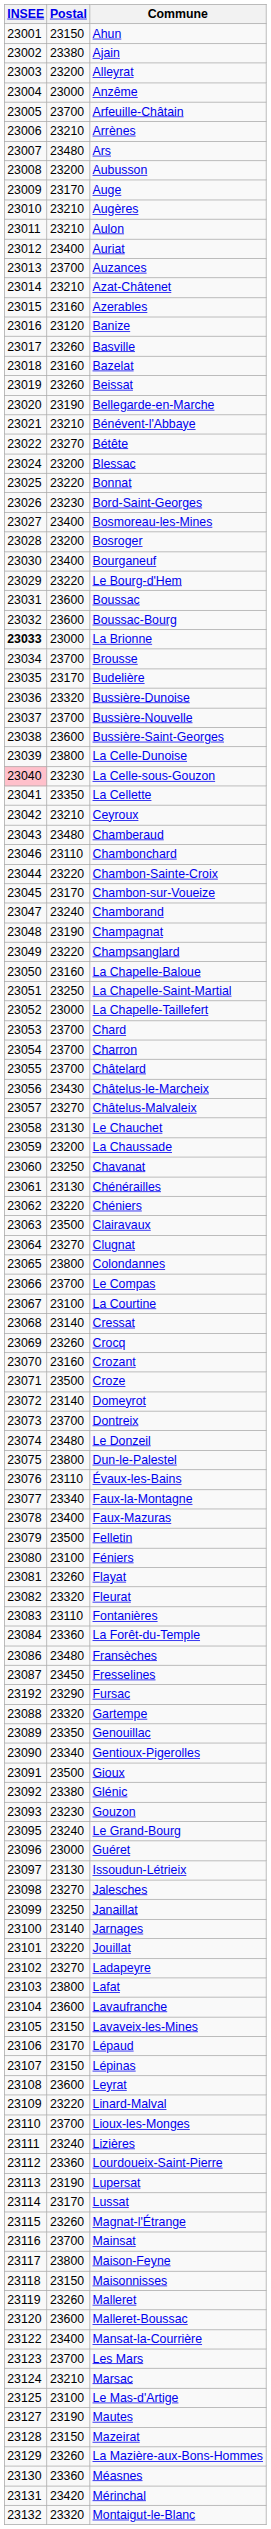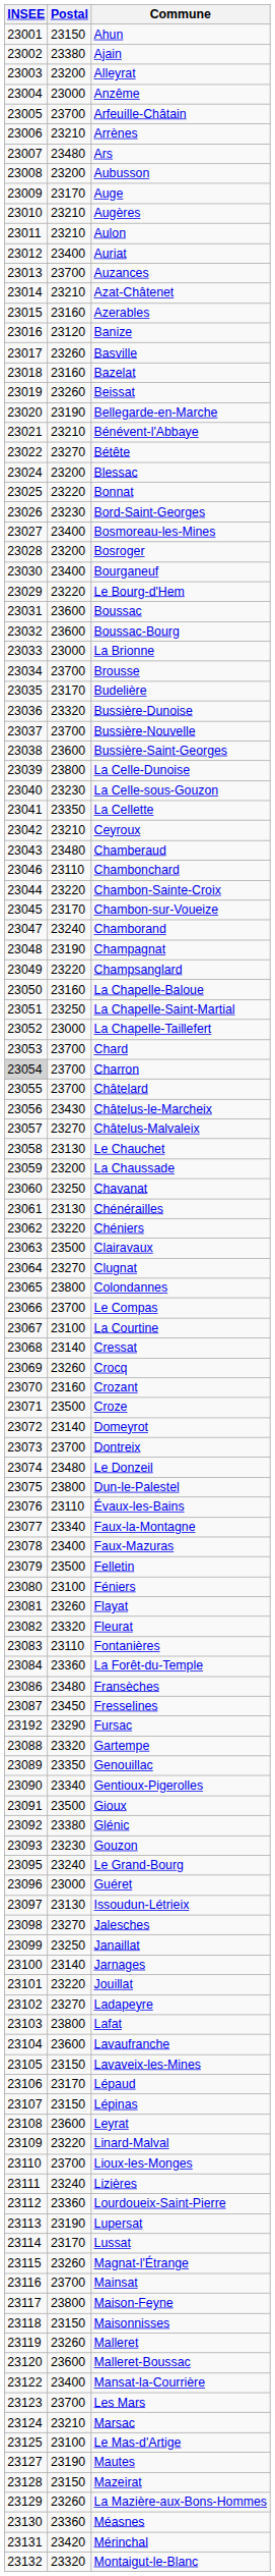 <table class="wikitable sortable">
 <tr>
 <th><a href='#'>INSEE</a></th>
 <th><a href='#'>Postal</a></th>
 <th>Commune</th>
 </tr>
 <tr>
 <td>23001</td>
 <td>23150</td>
 <td><a href='#'>Ahun</a></td>
 </tr>
 <tr>
 <td>23002</td>
 <td>23380</td>
 <td><a href='#'>Ajain</a></td>
 </tr>
 <tr>
 <td>23003</td>
 <td>23200</td>
 <td><a href='#'>Alleyrat</a></td>
 </tr>
 <tr>
 <td>23004</td>
 <td>23000</td>
 <td><a href='#'>Anzême</a></td>
 </tr>
 <tr>
 <td>23005</td>
 <td>23700</td>
 <td><a href='#'>Arfeuille-Châtain</a></td>
 </tr>
 <tr>
 <td>23006</td>
 <td>23210</td>
 <td><a href='#'>Arrènes</a></td>
 </tr>
 <tr>
 <td>23007</td>
 <td>23480</td>
 <td><a href='#'>Ars</a></td>
 </tr>
 <tr>
 <td>23008</td>
 <td>23200</td>
 <td><a href='#'>Aubusson</a></td>
 </tr>
 <tr>
 <td>23009</td>
 <td>23170</td>
 <td><a href='#'>Auge</a></td>
 </tr>
 <tr>
 <td>23010</td>
 <td>23210</td>
 <td><a href='#'>Augères</a></td>
 </tr>
 <tr>
 <td>23011</td>
 <td>23210</td>
 <td><a href='#'>Aulon</a></td>
 </tr>
 <tr>
 <td>23012</td>
 <td>23400</td>
 <td><a href='#'>Auriat</a></td>
 </tr>
 <tr>
 <td>23013</td>
 <td>23700</td>
 <td><a href='#'>Auzances</a></td>
 </tr>
 <tr>
 <td>23014</td>
 <td>23210</td>
 <td><a href='#'>Azat-Châtenet</a></td>
 </tr>
 <tr>
 <td>23015</td>
 <td>23160</td>
 <td><a href='#'>Azerables</a></td>
 </tr>
 <tr>
 <td>23016</td>
 <td>23120</td>
 <td><a href='#'>Banize</a></td>
 </tr>
 <tr>
 <td>23017</td>
 <td>23260</td>
 <td><a href='#'>Basville</a></td>
 </tr>
 <tr>
 <td>23018</td>
 <td>23160</td>
 <td><a href='#'>Bazelat</a></td>
 </tr>
 <tr>
 <td>23019</td>
 <td>23260</td>
 <td><a href='#'>Beissat</a></td>
 </tr>
 <tr>
 <td>23020</td>
 <td>23190</td>
 <td><a href='#'>Bellegarde-en-Marche</a></td>
 </tr>
 <tr>
 <td>23021</td>
 <td>23210</td>
 <td><a href='#'>Bénévent-l'Abbaye</a></td>
 </tr>
 <tr>
 <td>23022</td>
 <td>23270</td>
 <td><a href='#'>Bétête</a></td>
 </tr>
 <tr>
 <td>23024</td>
 <td>23200</td>
 <td><a href='#'>Blessac</a></td>
 </tr>
 <tr>
 <td>23025</td>
 <td>23220</td>
 <td><a href='#'>Bonnat</a></td>
 </tr>
 <tr>
 <td>23026</td>
 <td>23230</td>
 <td><a href='#'>Bord-Saint-Georges</a></td>
 </tr>
 <tr>
 <td>23027</td>
 <td>23400</td>
 <td><a href='#'>Bosmoreau-les-Mines</a></td>
 </tr>
 <tr>
 <td>23028</td>
 <td>23200</td>
 <td><a href='#'>Bosroger</a></td>
 </tr>
 <tr>
 <td>23030</td>
 <td>23400</td>
 <td><a href='#'>Bourganeuf</a></td>
 </tr>
 <tr>
 <td>23029</td>
 <td>23220</td>
 <td><a href='#'>Le Bourg-d'Hem</a></td>
 </tr>
 <tr>
 <td>23031</td>
 <td>23600</td>
 <td><a href='#'>Boussac</a></td>
 </tr>
 <tr>
 <td>23032</td>
 <td>23600</td>
 <td><a href='#'>Boussac-Bourg</a></td>
 </tr>
 <tr>
-<td><strong>23033</strong></td>
+<td>23033</td>
 <td>23000</td>
 <td><a href='#'>La Brionne</a></td>
 </tr>
 <tr>
 <td>23034</td>
 <td>23700</td>
 <td><a href='#'>Brousse</a></td>
 </tr>
 <tr>
 <td>23035</td>
 <td>23170</td>
 <td><a href='#'>Budelière</a></td>
 </tr>
 <tr>
 <td>23036</td>
 <td>23320</td>
 <td><a href='#'>Bussière-Dunoise</a></td>
 </tr>
 <tr>
 <td>23037</td>
 <td>23700</td>
 <td><a href='#'>Bussière-Nouvelle</a></td>
 </tr>
 <tr>
 <td>23038</td>
 <td>23600</td>
 <td><a href='#'>Bussière-Saint-Georges</a></td>
 </tr>
 <tr>
 <td>23039</td>
 <td>23800</td>
 <td><a href='#'>La Celle-Dunoise</a></td>
 </tr>
 <tr>
-<td style="background: pink;">23040</td>
+<td>23040</td>
 <td>23230</td>
 <td><a href='#'>La Celle-sous-Gouzon</a></td>
 </tr>
 <tr>
 <td>23041</td>
 <td>23350</td>
 <td><a href='#'>La Cellette</a></td>
 </tr>
 <tr>
 <td>23042</td>
 <td>23210</td>
 <td><a href='#'>Ceyroux</a></td>
 </tr>
 <tr>
 <td>23043</td>
 <td>23480</td>
 <td><a href='#'>Chamberaud</a></td>
 </tr>
 <tr>
 <td>23046</td>
 <td>23110</td>
 <td><a href='#'>Chambonchard</a></td>
 </tr>
 <tr>
 <td>23044</td>
 <td>23220</td>
 <td><a href='#'>Chambon-Sainte-Croix</a></td>
 </tr>
 <tr>
 <td>23045</td>
 <td>23170</td>
 <td><a href='#'>Chambon-sur-Voueize</a></td>
 </tr>
 <tr>
 <td>23047</td>
 <td>23240</td>
 <td><a href='#'>Chamborand</a></td>
 </tr>
 <tr>
 <td>23048</td>
 <td>23190</td>
 <td><a href='#'>Champagnat</a></td>
 </tr>
 <tr>
 <td>23049</td>
 <td>23220</td>
 <td><a href='#'>Champsanglard</a></td>
 </tr>
 <tr>
 <td>23050</td>
 <td>23160</td>
 <td><a href='#'>La Chapelle-Baloue</a></td>
 </tr>
 <tr>
 <td>23051</td>
 <td>23250</td>
 <td><a href='#'>La Chapelle-Saint-Martial</a></td>
 </tr>
 <tr>
 <td>23052</td>
 <td>23000</td>
 <td><a href='#'>La Chapelle-Taillefert</a></td>
 </tr>
 <tr>
 <td>23053</td>
 <td>23700</td>
 <td><a href='#'>Chard</a></td>
 </tr>
 <tr>
-<td>23054</td>
+<td style="background: lightgrey;">23054</td>
 <td>23700</td>
 <td><a href='#'>Charron</a></td>
 </tr>
 <tr>
 <td>23055</td>
 <td>23700</td>
 <td><a href='#'>Châtelard</a></td>
 </tr>
 <tr>
 <td>23056</td>
 <td>23430</td>
 <td><a href='#'>Châtelus-le-Marcheix</a></td>
 </tr>
 <tr>
 <td>23057</td>
 <td>23270</td>
 <td><a href='#'>Châtelus-Malvaleix</a></td>
 </tr>
 <tr>
 <td>23058</td>
 <td>23130</td>
 <td><a href='#'>Le Chauchet</a></td>
 </tr>
 <tr>
 <td>23059</td>
 <td>23200</td>
 <td><a href='#'>La Chaussade</a></td>
 </tr>
 <tr>
 <td>23060</td>
 <td>23250</td>
 <td><a href='#'>Chavanat</a></td>
 </tr>
 <tr>
 <td>23061</td>
 <td>23130</td>
 <td><a href='#'>Chénérailles</a></td>
 </tr>
 <tr>
 <td>23062</td>
 <td>23220</td>
 <td><a href='#'>Chéniers</a></td>
 </tr>
 <tr>
 <td>23063</td>
 <td>23500</td>
 <td><a href='#'>Clairavaux</a></td>
 </tr>
 <tr>
 <td>23064</td>
 <td>23270</td>
 <td><a href='#'>Clugnat</a></td>
 </tr>
 <tr>
 <td>23065</td>
 <td>23800</td>
 <td><a href='#'>Colondannes</a></td>
 </tr>
 <tr>
 <td>23066</td>
 <td>23700</td>
 <td><a href='#'>Le Compas</a></td>
 </tr>
 <tr>
 <td>23067</td>
 <td>23100</td>
 <td><a href='#'>La Courtine</a></td>
 </tr>
 <tr>
 <td>23068</td>
 <td>23140</td>
 <td><a href='#'>Cressat</a></td>
 </tr>
 <tr>
 <td>23069</td>
 <td>23260</td>
 <td><a href='#'>Crocq</a></td>
 </tr>
 <tr>
 <td>23070</td>
 <td>23160</td>
 <td><a href='#'>Crozant</a></td>
 </tr>
 <tr>
 <td>23071</td>
 <td>23500</td>
 <td><a href='#'>Croze</a></td>
 </tr>
 <tr>
 <td>23072</td>
 <td>23140</td>
 <td><a href='#'>Domeyrot</a></td>
 </tr>
 <tr>
 <td>23073</td>
 <td>23700</td>
 <td><a href='#'>Dontreix</a></td>
 </tr>
 <tr>
 <td>23074</td>
 <td>23480</td>
 <td><a href='#'>Le Donzeil</a></td>
 </tr>
 <tr>
 <td>23075</td>
 <td>23800</td>
 <td><a href='#'>Dun-le-Palestel</a></td>
 </tr>
 <tr>
 <td>23076</td>
 <td>23110</td>
 <td><a href='#'>Évaux-les-Bains</a></td>
 </tr>
 <tr>
 <td>23077</td>
 <td>23340</td>
 <td><a href='#'>Faux-la-Montagne</a></td>
 </tr>
 <tr>
 <td>23078</td>
 <td>23400</td>
 <td><a href='#'>Faux-Mazuras</a></td>
 </tr>
 <tr>
 <td>23079</td>
 <td>23500</td>
 <td><a href='#'>Felletin</a></td>
 </tr>
 <tr>
 <td>23080</td>
 <td>23100</td>
 <td><a href='#'>Féniers</a></td>
 </tr>
 <tr>
 <td>23081</td>
 <td>23260</td>
 <td><a href='#'>Flayat</a></td>
 </tr>
 <tr>
 <td>23082</td>
 <td>23320</td>
 <td><a href='#'>Fleurat</a></td>
 </tr>
 <tr>
 <td>23083</td>
 <td>23110</td>
 <td><a href='#'>Fontanières</a></td>
 </tr>
 <tr>
 <td>23084</td>
 <td>23360</td>
 <td><a href='#'>La Forêt-du-Temple</a></td>
 </tr>
 <tr>
 <td>23086</td>
 <td>23480</td>
 <td><a href='#'>Fransèches</a></td>
 </tr>
 <tr>
 <td>23087</td>
 <td>23450</td>
 <td><a href='#'>Fresselines</a></td>
 </tr>
 <tr>
 <td>23192</td>
 <td>23290</td>
 <td><a href='#'>Fursac</a></td>
 </tr>
 <tr>
 <td>23088</td>
 <td>23320</td>
 <td><a href='#'>Gartempe</a></td>
 </tr>
 <tr>
 <td>23089</td>
 <td>23350</td>
 <td><a href='#'>Genouillac</a></td>
 </tr>
 <tr>
 <td>23090</td>
 <td>23340</td>
 <td><a href='#'>Gentioux-Pigerolles</a></td>
 </tr>
 <tr>
 <td>23091</td>
 <td>23500</td>
 <td><a href='#'>Gioux</a></td>
 </tr>
 <tr>
 <td>23092</td>
 <td>23380</td>
 <td><a href='#'>Glénic</a></td>
 </tr>
 <tr>
 <td>23093</td>
 <td>23230</td>
 <td><a href='#'>Gouzon</a></td>
 </tr>
 <tr>
 <td>23095</td>
 <td>23240</td>
 <td><a href='#'>Le Grand-Bourg</a></td>
 </tr>
 <tr>
 <td>23096</td>
 <td>23000</td>
 <td><a href='#'>Guéret</a></td>
 </tr>
 <tr>
 <td>23097</td>
 <td>23130</td>
 <td><a href='#'>Issoudun-Létrieix</a></td>
 </tr>
 <tr>
 <td>23098</td>
 <td>23270</td>
 <td><a href='#'>Jalesches</a></td>
 </tr>
 <tr>
 <td>23099</td>
 <td>23250</td>
 <td><a href='#'>Janaillat</a></td>
 </tr>
 <tr>
 <td>23100</td>
 <td>23140</td>
 <td><a href='#'>Jarnages</a></td>
 </tr>
 <tr>
 <td>23101</td>
 <td>23220</td>
 <td><a href='#'>Jouillat</a></td>
 </tr>
 <tr>
 <td>23102</td>
 <td>23270</td>
 <td><a href='#'>Ladapeyre</a></td>
 </tr>
 <tr>
 <td>23103</td>
 <td>23800</td>
 <td><a href='#'>Lafat</a></td>
 </tr>
 <tr>
 <td>23104</td>
 <td>23600</td>
 <td><a href='#'>Lavaufranche</a></td>
 </tr>
 <tr>
 <td>23105</td>
 <td>23150</td>
 <td><a href='#'>Lavaveix-les-Mines</a></td>
 </tr>
 <tr>
 <td>23106</td>
 <td>23170</td>
 <td><a href='#'>Lépaud</a></td>
 </tr>
 <tr>
 <td>23107</td>
 <td>23150</td>
 <td><a href='#'>Lépinas</a></td>
 </tr>
 <tr>
 <td>23108</td>
 <td>23600</td>
 <td><a href='#'>Leyrat</a></td>
 </tr>
 <tr>
 <td>23109</td>
 <td>23220</td>
 <td><a href='#'>Linard-Malval</a></td>
 </tr>
 <tr>
 <td>23110</td>
 <td>23700</td>
 <td><a href='#'>Lioux-les-Monges</a></td>
 </tr>
 <tr>
 <td>23111</td>
 <td>23240</td>
 <td><a href='#'>Lizières</a></td>
 </tr>
 <tr>
 <td>23112</td>
 <td>23360</td>
 <td><a href='#'>Lourdoueix-Saint-Pierre</a></td>
 </tr>
 <tr>
 <td>23113</td>
 <td>23190</td>
 <td><a href='#'>Lupersat</a></td>
 </tr>
 <tr>
 <td>23114</td>
 <td>23170</td>
 <td><a href='#'>Lussat</a></td>
 </tr>
 <tr>
 <td>23115</td>
 <td>23260</td>
 <td><a href='#'>Magnat-l'Étrange</a></td>
 </tr>
 <tr>
 <td>23116</td>
 <td>23700</td>
 <td><a href='#'>Mainsat</a></td>
 </tr>
 <tr>
 <td>23117</td>
 <td>23800</td>
 <td><a href='#'>Maison-Feyne</a></td>
 </tr>
 <tr>
 <td>23118</td>
 <td>23150</td>
 <td><a href='#'>Maisonnisses</a></td>
 </tr>
 <tr>
 <td>23119</td>
 <td>23260</td>
 <td><a href='#'>Malleret</a></td>
 </tr>
 <tr>
 <td>23120</td>
 <td>23600</td>
 <td><a href='#'>Malleret-Boussac</a></td>
 </tr>
 <tr>
 <td>23122</td>
 <td>23400</td>
 <td><a href='#'>Mansat-la-Courrière</a></td>
 </tr>
 <tr>
 <td>23123</td>
 <td>23700</td>
 <td><a href='#'>Les Mars</a></td>
 </tr>
 <tr>
 <td>23124</td>
 <td>23210</td>
 <td><a href='#'>Marsac</a></td>
 </tr>
 <tr>
 <td>23125</td>
 <td>23100</td>
 <td><a href='#'>Le Mas-d'Artige</a></td>
 </tr>
 <tr>
 <td>23127</td>
 <td>23190</td>
 <td><a href='#'>Mautes</a></td>
 </tr>
 <tr>
 <td>23128</td>
 <td>23150</td>
 <td><a href='#'>Mazeirat</a></td>
 </tr>
 <tr>
 <td>23129</td>
 <td>23260</td>
 <td><a href='#'>La Mazière-aux-Bons-Hommes</a></td>
 </tr>
 <tr>
 <td>23130</td>
 <td>23360</td>
 <td><a href='#'>Méasnes</a></td>
 </tr>
 <tr>
 <td>23131</td>
 <td>23420</td>
 <td><a href='#'>Mérinchal</a></td>
 </tr>
 <tr>
 <td>23132</td>
 <td>23320</td>
 <td><a href='#'>Montaigut-le-Blanc</a></td>
 </tr>
 </table>
